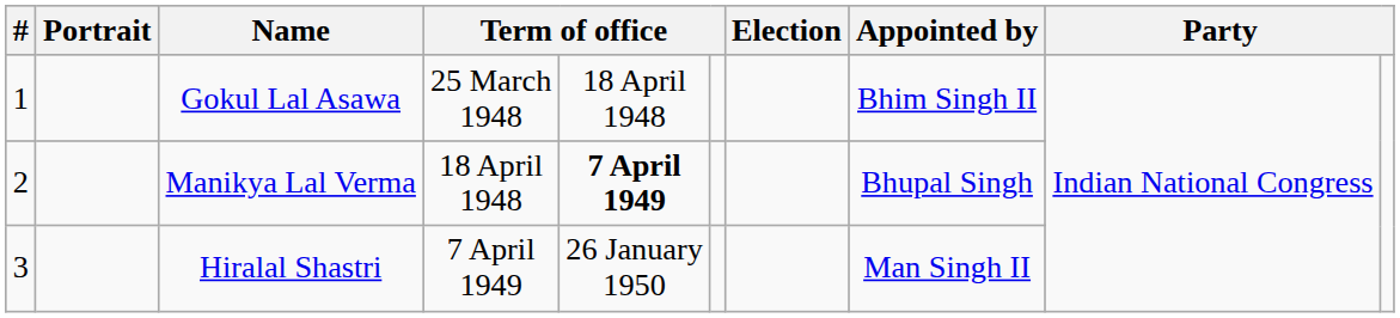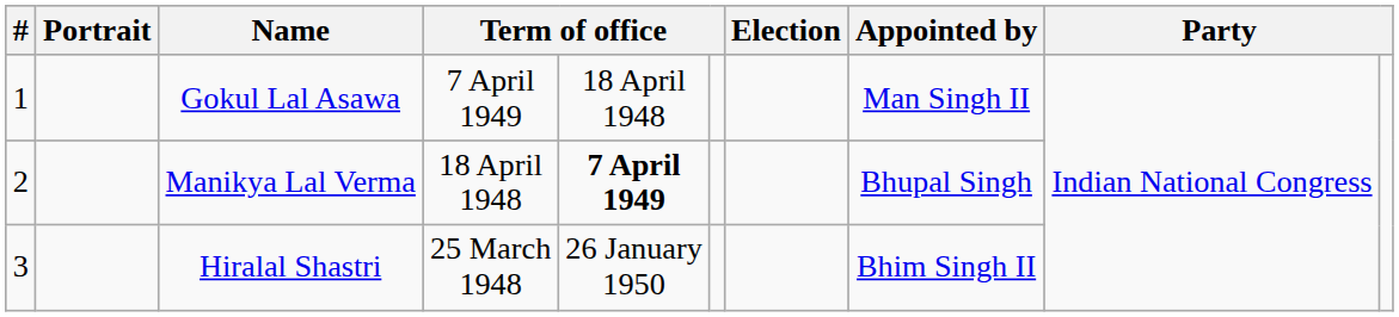 <table class="wikitable" style="text-align:center">
 <tr>
 <th>#</th>
 <th>Portrait</th>
 <th>Name</th>
 <th colspan="3">Term of office</th>
 <th>Election<br></th>
 <th>Appointed by</th>
 <th colspan="2">Party</th>
 </tr>
 <tr>
 <td>1</td>
 <td><br></td>
 <td><a href='#'>Gokul Lal Asawa</a></td>
-<td>25 March<br>1948</td>
+<td>7 April<br>1949</td>
 <td>18 April<br>1948</td>
 <td></td>
 <td></td>
-<td><a href='#'>Bhim Singh II</a><br></td>
+<td><a href='#'>Man Singh II</a><br></td>
 <td rowspan="3"><a href='#'>Indian National Congress</a></td>
 <td rowspan="3" style="background-color: "></td>
 </tr>
 <tr>
 <td>2</td>
 <td></td>
 <td><a href='#'>Manikya Lal Verma</a></td>
 <td>18 April<br>1948</td>
 <td><strong>7 April<br>1949</strong></td>
 <td></td>
 <td></td>
 <td><a href='#'>Bhupal Singh</a><br></td>
 </tr>
 <tr>
 <td>3</td>
 <td></td>
 <td><a href='#'>Hiralal Shastri</a></td>
-<td>7 April<br>1949</td>
+<td>25 March<br>1948</td>
 <td>26 January<br>1950</td>
 <td></td>
 <td></td>
-<td><a href='#'>Man Singh II</a><br></td>
+<td><a href='#'>Bhim Singh II</a><br></td>
 </tr>
 </table>
